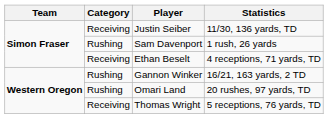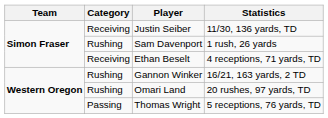 <table class="wikitable" style="float: right;">
 <tr>
 <th>Team</th>
 <th>Category</th>
 <th>Player</th>
 <th>Statistics</th>
 </tr>
 <tr>
 <td rowspan=3><strong>Simon Fraser</strong></td>
 <td>Receiving</td>
 <td>Justin Seiber</td>
 <td>11/30, 136 yards, TD</td>
 </tr>
 <tr>
 <td>Rushing</td>
 <td>Sam Davenport</td>
 <td>1 rush, 26 yards</td>
 </tr>
 <tr>
 <td>Receiving</td>
 <td>Ethan Beselt</td>
 <td>4 receptions, 71 yards, TD</td>
 </tr>
 <tr>
 <td rowspan=3><strong>Western Oregon</strong></td>
 <td>Rushing</td>
 <td>Gannon Winker</td>
 <td>16/21, 163 yards, 2 TD</td>
 </tr>
 <tr>
 <td>Rushing</td>
 <td>Omari Land</td>
 <td>20 rushes, 97 yards, TD</td>
 </tr>
 <tr>
-<td>Receiving</td>
+<td>Passing</td>
 <td>Thomas Wright</td>
 <td>5 receptions, 76 yards, TD</td>
 </tr>
 </table>
